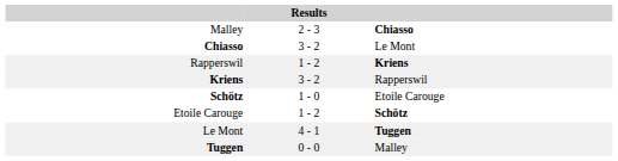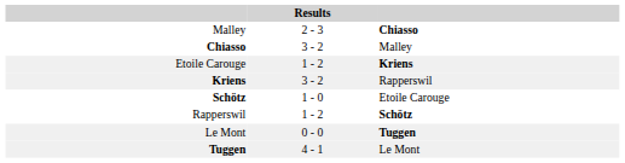 <table align=center style="font-size: 90%; border-collapse:collapse" border=0 cellspacing=0 cellpadding=2 width=60%>
 <tr bgcolor="D3D3D3">
 <th align=right></th>
 <th>Results</th>
 <th></th>
 </tr>
 <tr bgcolor=#FFFFFF>
 <td align=right>Malley</td>
 <td align=center>2 - 3</td>
 <td><strong>Chiasso</strong></td>
 </tr>
 <tr bgcolor=#FFFFFF>
 <td align=right><strong>Chiasso</strong></td>
 <td align=center>3 - 2</td>
-<td>Le Mont</td>
+<td>Malley</td>
 </tr>
 <tr bgcolor=#F0F0F0>
-<td align=right>Rapperswil</td>
+<td align=right>Etoile Carouge</td>
 <td align=center>1 - 2</td>
 <td><strong>Kriens</strong></td>
 </tr>
 <tr bgcolor=#F0F0F0>
 <td align=right><strong>Kriens</strong></td>
 <td align=center>3 - 2</td>
 <td>Rapperswil</td>
 </tr>
 <tr bgcolor=#FFFFFF>
 <td align=right><strong>Schötz</strong></td>
 <td align=center>1 - 0</td>
 <td>Etoile Carouge</td>
 </tr>
 <tr bgcolor=#FFFFFF>
-<td align=right>Etoile Carouge</td>
+<td align=right>Rapperswil</td>
 <td align=center>1 - 2</td>
 <td><strong>Schötz</strong></td>
 </tr>
 <tr bgcolor=#F0F0F0>
 <td align=right>Le Mont</td>
-<td align=center>4 - 1</td>
+<td align=center>0 - 0</td>
 <td><strong>Tuggen</strong></td>
 </tr>
 <tr bgcolor=#F0F0F0>
 <td align=right><strong>Tuggen</strong></td>
-<td align=center>0 - 0</td>
-<td>Malley</td>
+<td align=center>4 - 1</td>
+<td>Le Mont</td>
 </tr>
 </table>
